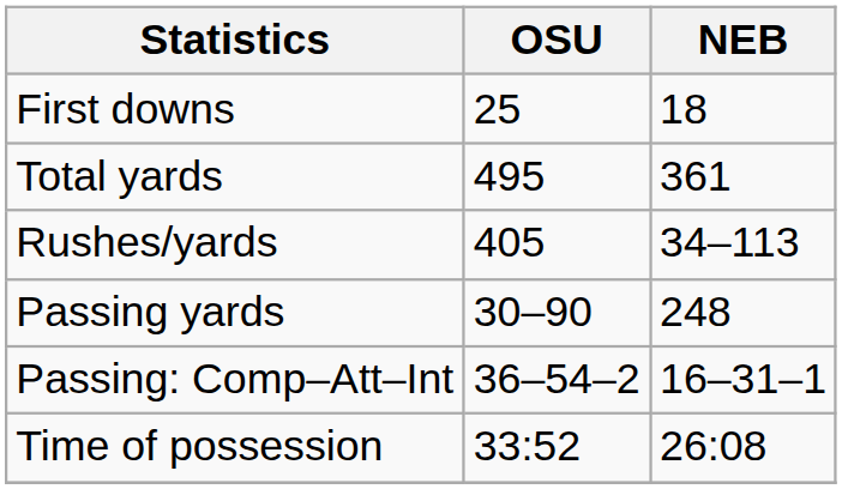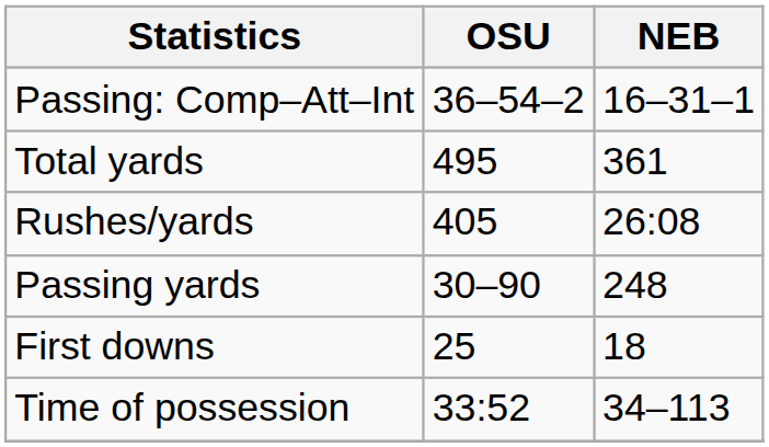 <table class="wikitable" style="float: left;">
 <tr>
 <th>Statistics</th>
 <th>OSU</th>
 <th>NEB</th>
 </tr>
 <tr>
-<td>First downs</td>
-<td>25</td>
-<td>18</td>
+<td>Passing: Comp–Att–Int</td>
+<td>36–54–2</td>
+<td>16–31–1</td>
 </tr>
 <tr>
 <td>Total yards</td>
 <td>495</td>
 <td>361</td>
 </tr>
 <tr>
 <td>Rushes/yards</td>
 <td>405</td>
-<td>34–113</td>
+<td>26:08</td>
 </tr>
 <tr>
 <td>Passing yards</td>
 <td>30–90</td>
 <td>248</td>
 </tr>
 <tr>
-<td>Passing: Comp–Att–Int</td>
-<td>36–54–2</td>
-<td>16–31–1</td>
+<td>First downs</td>
+<td>25</td>
+<td>18</td>
 </tr>
 <tr>
 <td>Time of possession</td>
 <td>33:52</td>
-<td>26:08</td>
+<td>34–113</td>
 </tr>
 <tr>
 </tr>
 </table>
